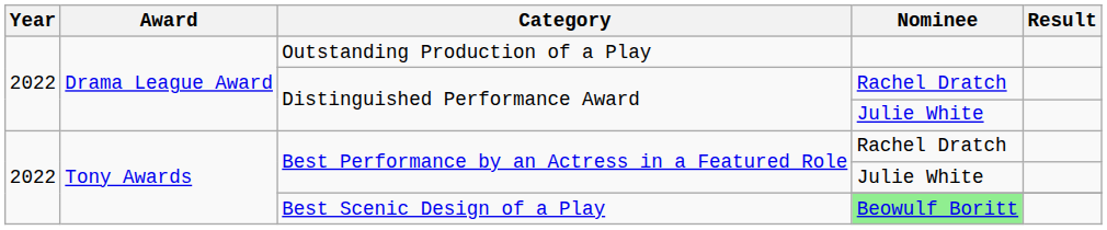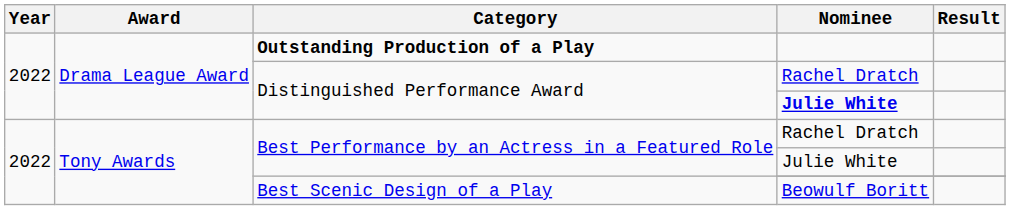 <table class="wikitable sortable">
 <tr>
 <th>Year</th>
 <th>Award</th>
 <th>Category</th>
 <th>Nominee</th>
 <th>Result</th>
 </tr>
 <tr>
 <td rowspan="3">2022</td>
 <td rowspan="3"><a href='#'>Drama League Award</a></td>
-<td>Outstanding Production of a Play</td>
+<td><strong>Outstanding Production of a Play</strong></td>
 <td></td>
 <td></td>
 </tr>
 <tr>
 <td rowspan="2">Distinguished Performance Award</td>
 <td><a href='#'>Rachel Dratch</a></td>
 <td></td>
 </tr>
 <tr>
-<td><a href='#'>Julie White</a></td>
+<td><strong><a href='#'>Julie White</a></strong></td>
 <td></td>
 </tr>
 <tr>
 <td rowspan="4">2022</td>
 <td rowspan="4"><a href='#'>Tony Awards</a></td>
 <td rowspan="2"><a href='#'>Best Performance by an Actress in a Featured Role</a></td>
 <td>Rachel Dratch</td>
 <td></td>
 </tr>
 <tr>
 <td>Julie White</td>
 <td></td>
 </tr>
 <tr>
 <td rowspan="2"><a href='#'>Best Scenic Design of a Play</a></td>
 </tr>
 <tr>
-<td style="background: lightgreen;"><a href='#'>Beowulf Boritt</a></td>
+<td><a href='#'>Beowulf Boritt</a></td>
 <td></td>
 </tr>
 </table>
